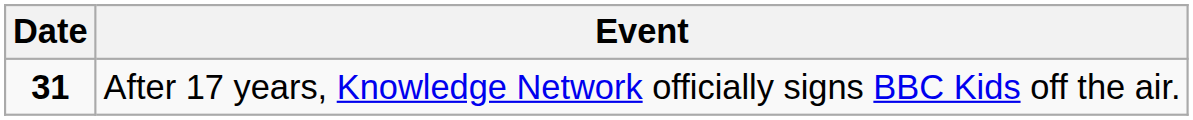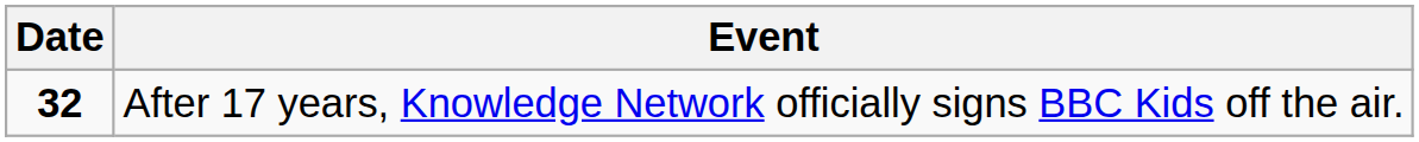 <table class="wikitable">
 <tr>
 <th>Date</th>
 <th>Event</th>
 </tr>
 <tr>
-<td style="text-align:center;"><strong>31</strong></td>
+<td style="text-align:center;"><strong>32</strong></td>
 <td>After 17 years, <a href='#'>Knowledge Network</a> officially signs <a href='#'>BBC Kids</a> off the air.</td>
 </tr>
 </table>
